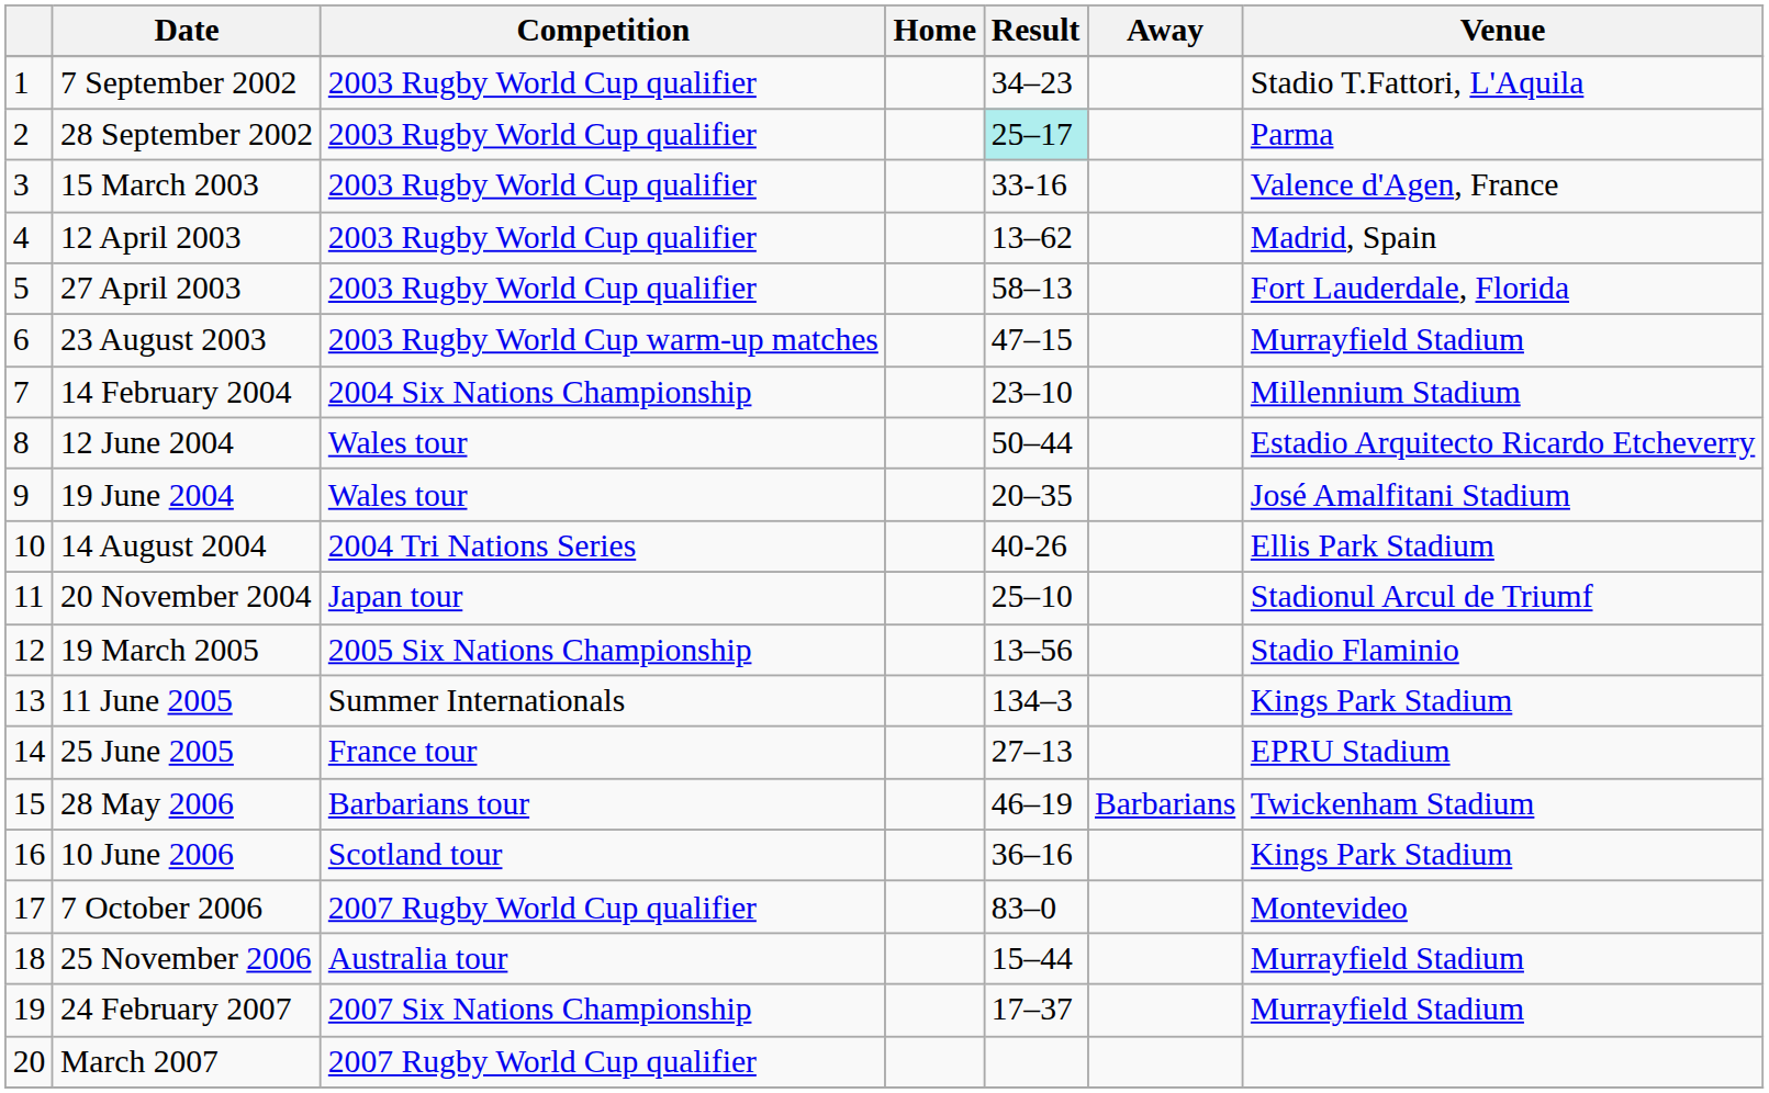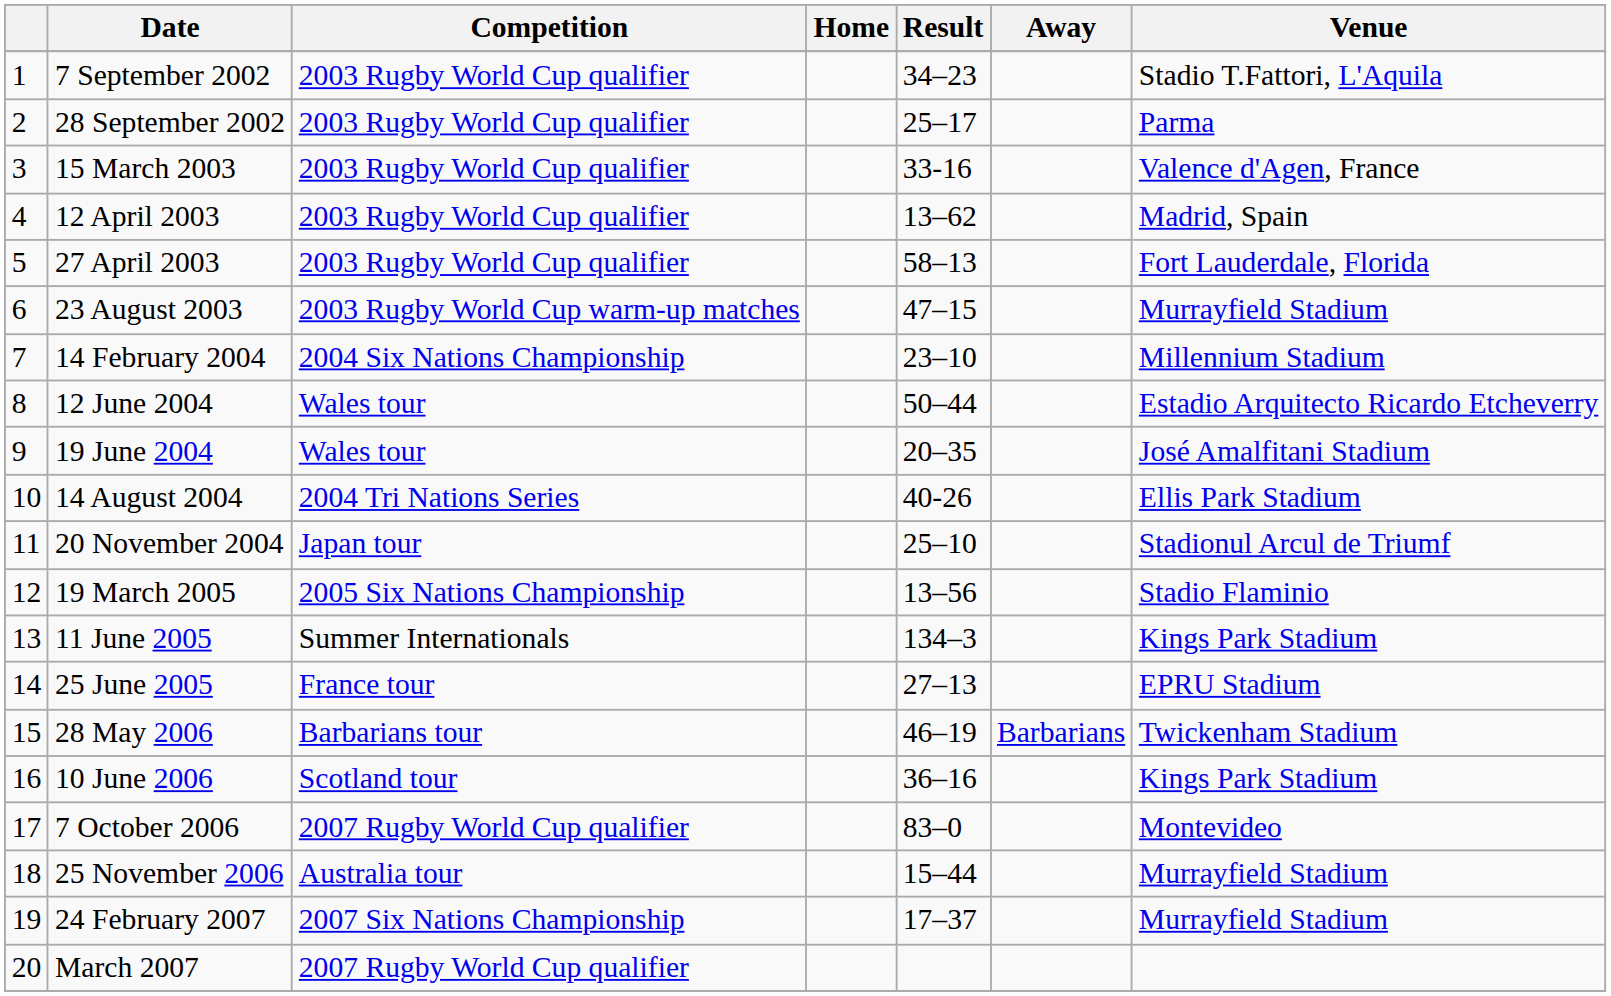 <table class="wikitable collapsible ">
 <tr>
 <th></th>
 <th>Date</th>
 <th>Competition</th>
 <th>Home</th>
 <th>Result</th>
 <th>Away</th>
 <th>Venue</th>
 </tr>
 <tr 15B.C>
 </tr>
 <tr>
 <td>1</td>
 <td>7 September 2002</td>
 <td><a href='#'>2003 Rugby World Cup qualifier</a></td>
 <td></td>
 <td>34–23</td>
 <td></td>
 <td>Stadio T.Fattori, <a href='#'>L'Aquila</a></td>
 </tr>
 <tr>
 <td>2</td>
 <td>28 September 2002</td>
 <td><a href='#'>2003 Rugby World Cup qualifier</a></td>
 <td></td>
-<td style="background: paleturquoise;">25–17</td>
+<td>25–17</td>
 <td></td>
 <td><a href='#'>Parma</a></td>
 </tr>
 <tr>
 <td>3</td>
 <td>15 March 2003</td>
 <td><a href='#'>2003 Rugby World Cup qualifier</a></td>
 <td></td>
 <td>33-16</td>
 <td></td>
 <td><a href='#'>Valence d'Agen</a>, France</td>
 </tr>
 <tr>
 <td>4</td>
 <td>12 April 2003</td>
 <td><a href='#'>2003 Rugby World Cup qualifier</a></td>
 <td></td>
 <td>13–62</td>
 <td></td>
 <td><a href='#'>Madrid</a>, Spain</td>
 </tr>
 <tr>
 <td>5</td>
 <td>27 April 2003</td>
 <td><a href='#'>2003 Rugby World Cup qualifier</a></td>
 <td></td>
 <td>58–13</td>
 <td></td>
 <td><a href='#'>Fort Lauderdale</a>, <a href='#'>Florida</a></td>
 </tr>
 <tr>
 <td>6</td>
 <td>23 August 2003</td>
 <td><a href='#'>2003 Rugby World Cup warm-up matches</a></td>
 <td></td>
 <td>47–15</td>
 <td></td>
 <td><a href='#'>Murrayfield Stadium</a></td>
 </tr>
 <tr>
 <td>7</td>
 <td>14 February 2004</td>
 <td><a href='#'>2004 Six Nations Championship</a></td>
 <td></td>
 <td>23–10</td>
 <td></td>
 <td><a href='#'>Millennium Stadium</a></td>
 </tr>
 <tr>
 <td>8</td>
 <td>12 June 2004</td>
 <td><a href='#'>Wales tour</a></td>
 <td></td>
 <td>50–44</td>
 <td></td>
 <td><a href='#'>Estadio Arquitecto Ricardo Etcheverry</a></td>
 </tr>
 <tr>
 <td>9</td>
 <td>19 June <a href='#'>2004</a></td>
 <td><a href='#'>Wales tour</a></td>
 <td></td>
 <td>20–35</td>
 <td></td>
 <td><a href='#'>José Amalfitani Stadium</a></td>
 </tr>
 <tr>
 <td>10</td>
 <td>14 August 2004</td>
 <td><a href='#'>2004 Tri Nations Series</a> <em></em></td>
 <td></td>
 <td>40-26</td>
 <td></td>
 <td><a href='#'>Ellis Park Stadium</a></td>
 </tr>
 <tr>
 <td>11</td>
 <td>20 November 2004</td>
 <td><a href='#'>Japan tour</a></td>
 <td></td>
 <td>25–10</td>
 <td></td>
 <td><a href='#'>Stadionul Arcul de Triumf</a></td>
 </tr>
 <tr>
 <td>12</td>
 <td>19 March 2005</td>
 <td><a href='#'>2005 Six Nations Championship</a></td>
 <td></td>
 <td>13–56</td>
 <td></td>
 <td><a href='#'>Stadio Flaminio</a></td>
 </tr>
 <tr>
 <td>13</td>
 <td>11 June <a href='#'>2005</a></td>
 <td>Summer Internationals</td>
 <td></td>
 <td>134–3</td>
 <td></td>
 <td><a href='#'>Kings Park Stadium</a></td>
 </tr>
 <tr>
 <td>14</td>
 <td>25 June <a href='#'>2005</a></td>
 <td><a href='#'>France tour</a></td>
 <td></td>
 <td>27–13</td>
 <td></td>
 <td><a href='#'>EPRU Stadium</a></td>
 </tr>
 <tr>
 <td>15</td>
 <td>28 May <a href='#'>2006</a></td>
 <td><a href='#'>Barbarians tour</a></td>
 <td></td>
 <td>46–19</td>
 <td><a href='#'>Barbarians</a></td>
 <td><a href='#'>Twickenham Stadium</a></td>
 </tr>
 <tr>
 <td>16</td>
 <td>10 June <a href='#'>2006</a></td>
 <td><a href='#'>Scotland tour</a></td>
 <td></td>
 <td>36–16</td>
 <td></td>
 <td><a href='#'>Kings Park Stadium</a></td>
 </tr>
 <tr>
 <td>17</td>
 <td>7 October 2006</td>
 <td><a href='#'>2007 Rugby World Cup qualifier</a></td>
 <td></td>
 <td>83–0</td>
 <td></td>
 <td><a href='#'>Montevideo</a></td>
 </tr>
 <tr>
 <td>18</td>
 <td>25 November <a href='#'>2006</a></td>
 <td><a href='#'>Australia tour</a></td>
 <td></td>
 <td>15–44</td>
 <td></td>
 <td><a href='#'>Murrayfield Stadium</a></td>
 </tr>
 <tr>
 <td>19</td>
 <td>24 February 2007</td>
 <td><a href='#'>2007 Six Nations Championship</a></td>
 <td></td>
 <td>17–37</td>
 <td></td>
 <td><a href='#'>Murrayfield Stadium</a></td>
 </tr>
 <tr>
 <td>20</td>
 <td>March 2007</td>
 <td><a href='#'>2007 Rugby World Cup qualifier</a></td>
 <td></td>
 <td></td>
 <td></td>
 <td></td>
 </tr>
 <tr>
 </tr>
 </table>
